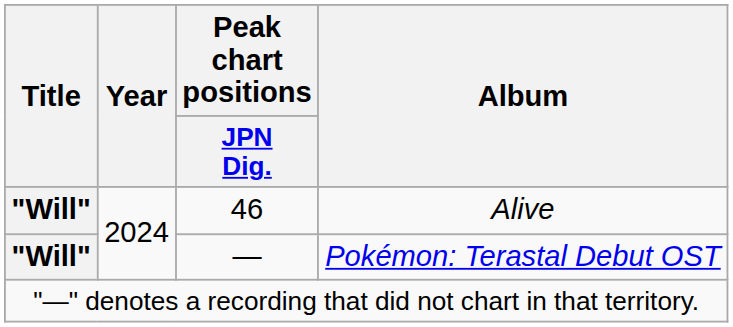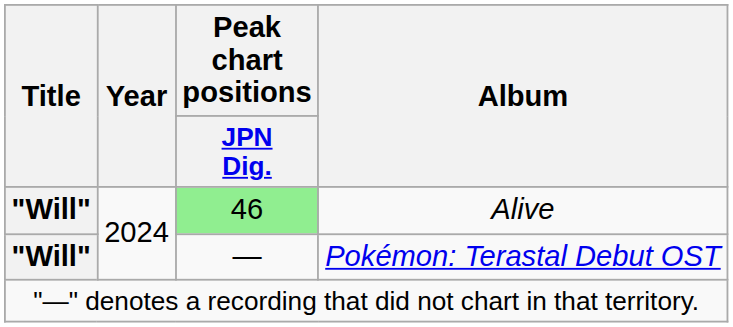 <table class="wikitable plainrowheaders" style="text-align:center">
 <tr>
 <th scope="col" rowspan="2">Title</th>
 <th scope="col" rowspan="2">Year</th>
 <th scope="col">Peak chart positions</th>
 <th scope="col" rowspan="2">Album</th>
 </tr>
 <tr>
 <th scope="col" style="font-size:90%; width:2.75em"><a href='#'>JPN<br>Dig.</a><br></th>
 </tr>
 <tr>
 <th scope="row">"Will"</th>
 <td rowspan="2">2024</td>
-<td>46</td>
+<td style="background: lightgreen;">46</td>
 <td><em>Alive</em></td>
 </tr>
 <tr>
 <th scope="row">"Will"<br></th>
 <td>—</td>
 <td><em><a href='#'>Pokémon: Terastal Debut OST</a></em></td>
 </tr>
 <tr>
 <td colspan="4" style="font-size:90%">"—" denotes a recording that did not chart in that territory.</td>
 </tr>
 </table>
